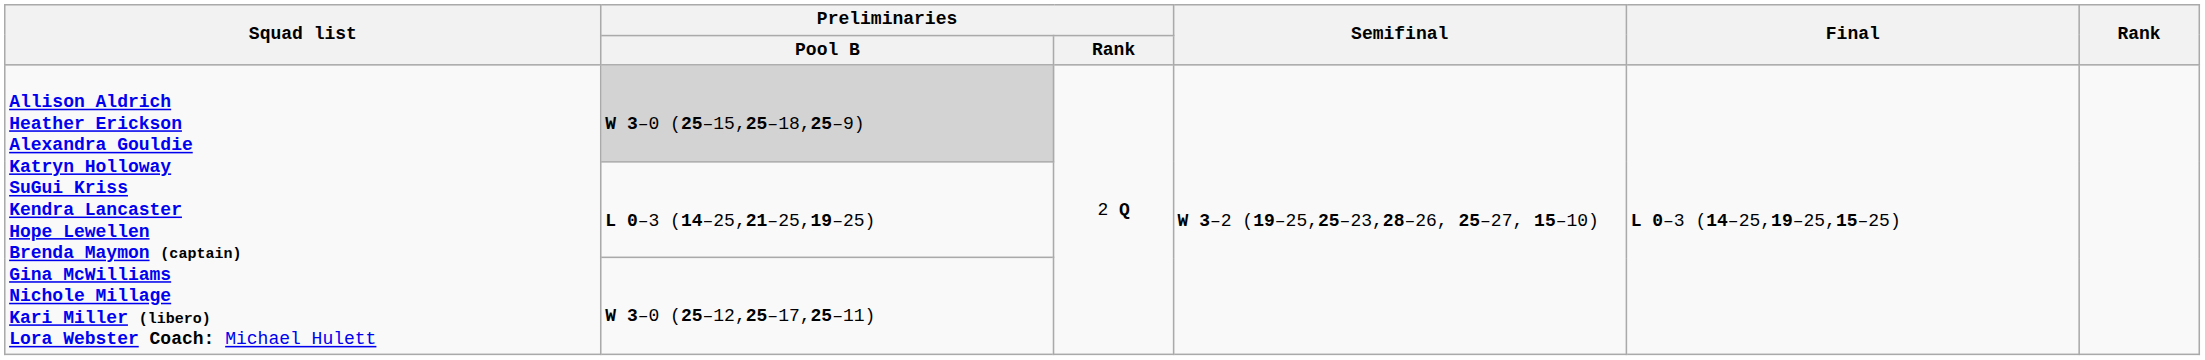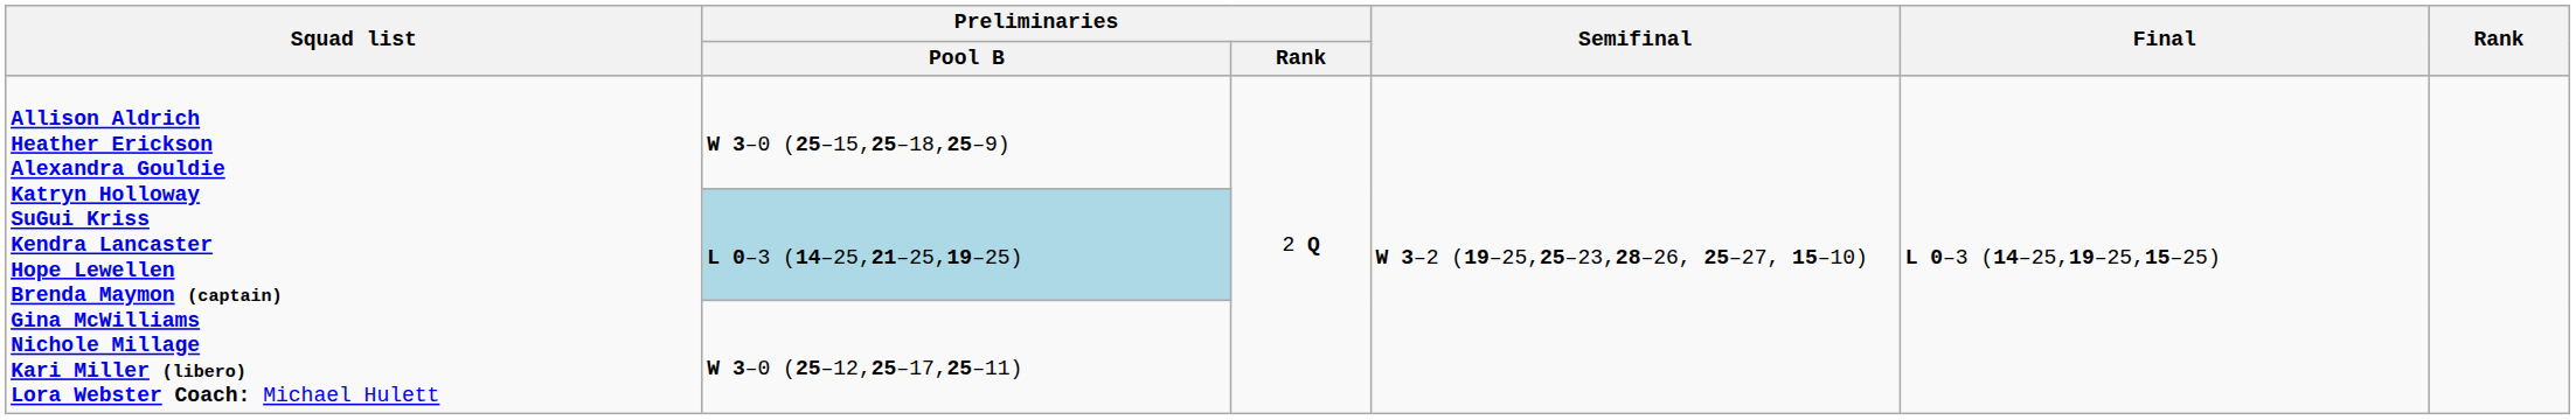 <table class="wikitable" width="90%" style="text-align:left; font-size:90%">
 <tr>
 <th rowspan="2" width="25%">Squad list</th>
 <th colspan="2">Preliminaries</th>
 <th rowspan="2" width="19%">Semifinal</th>
 <th rowspan="2" width="19%">Final</th>
 <th rowspan="2" width="5%">Rank</th>
 </tr>
 <tr>
 <th width="19%">Pool B</th>
 <th width="5%">Rank</th>
 </tr>
 <tr>
 <td rowspan="3"><br><strong><a href='#'>Allison Aldrich</a></strong> <br><strong><a href='#'>Heather Erickson</a></strong> <br><strong><a href='#'>Alexandra Gouldie</a></strong> <br><strong><a href='#'>Katryn Holloway</a></strong> <br><strong><a href='#'>SuGui Kriss</a></strong> <br><strong><a href='#'>Kendra Lancaster</a></strong> <br><strong><a href='#'>Hope Lewellen</a></strong> <br><strong><a href='#'>Brenda Maymon</a> <small>(captain)</small></strong> <br><strong><a href='#'>Gina McWilliams</a></strong> <br><strong><a href='#'>Nichole Millage</a></strong> <br><strong><a href='#'>Kari Miller</a> <small>(libero)</small></strong> <br><strong><a href='#'>Lora Webster</a></strong> <strong>Coach:</strong> <a href='#'>Michael Hulett</a></td>
-<td style="background: lightgrey;"><br><strong>W</strong> <strong>3</strong>–0 (<strong>25</strong>–15,<strong>25</strong>–18,<strong>25</strong>–9)</td>
+<td><br><strong>W</strong> <strong>3</strong>–0 (<strong>25</strong>–15,<strong>25</strong>–18,<strong>25</strong>–9)</td>
 <td rowspan="3" align=center>2 <strong>Q</strong></td>
 <td rowspan="3"><br><strong>W</strong> <strong>3</strong>–2 (<strong>19</strong>–25,<strong>25</strong>–23,<strong>28</strong>–26, <strong>25</strong>–27, <strong>15</strong>–10)</td>
 <td rowspan="3"><br><strong>L</strong> <strong>0</strong>–3 (<strong>14</strong>–25,<strong>19</strong>–25,<strong>15</strong>–25)</td>
 <td rowspan="3" align="center"></td>
 </tr>
 <tr>
-<td><br><strong>L</strong> <strong>0</strong>–3 (<strong>14</strong>–25,<strong>21</strong>–25,<strong>19</strong>–25)</td>
+<td style="background: lightblue;"><br><strong>L</strong> <strong>0</strong>–3 (<strong>14</strong>–25,<strong>21</strong>–25,<strong>19</strong>–25)</td>
 </tr>
 <tr>
 <td><br><strong>W</strong> <strong>3</strong>–0 (<strong>25</strong>–12,<strong>25</strong>–17,<strong>25</strong>–11)</td>
 </tr>
 </table>
